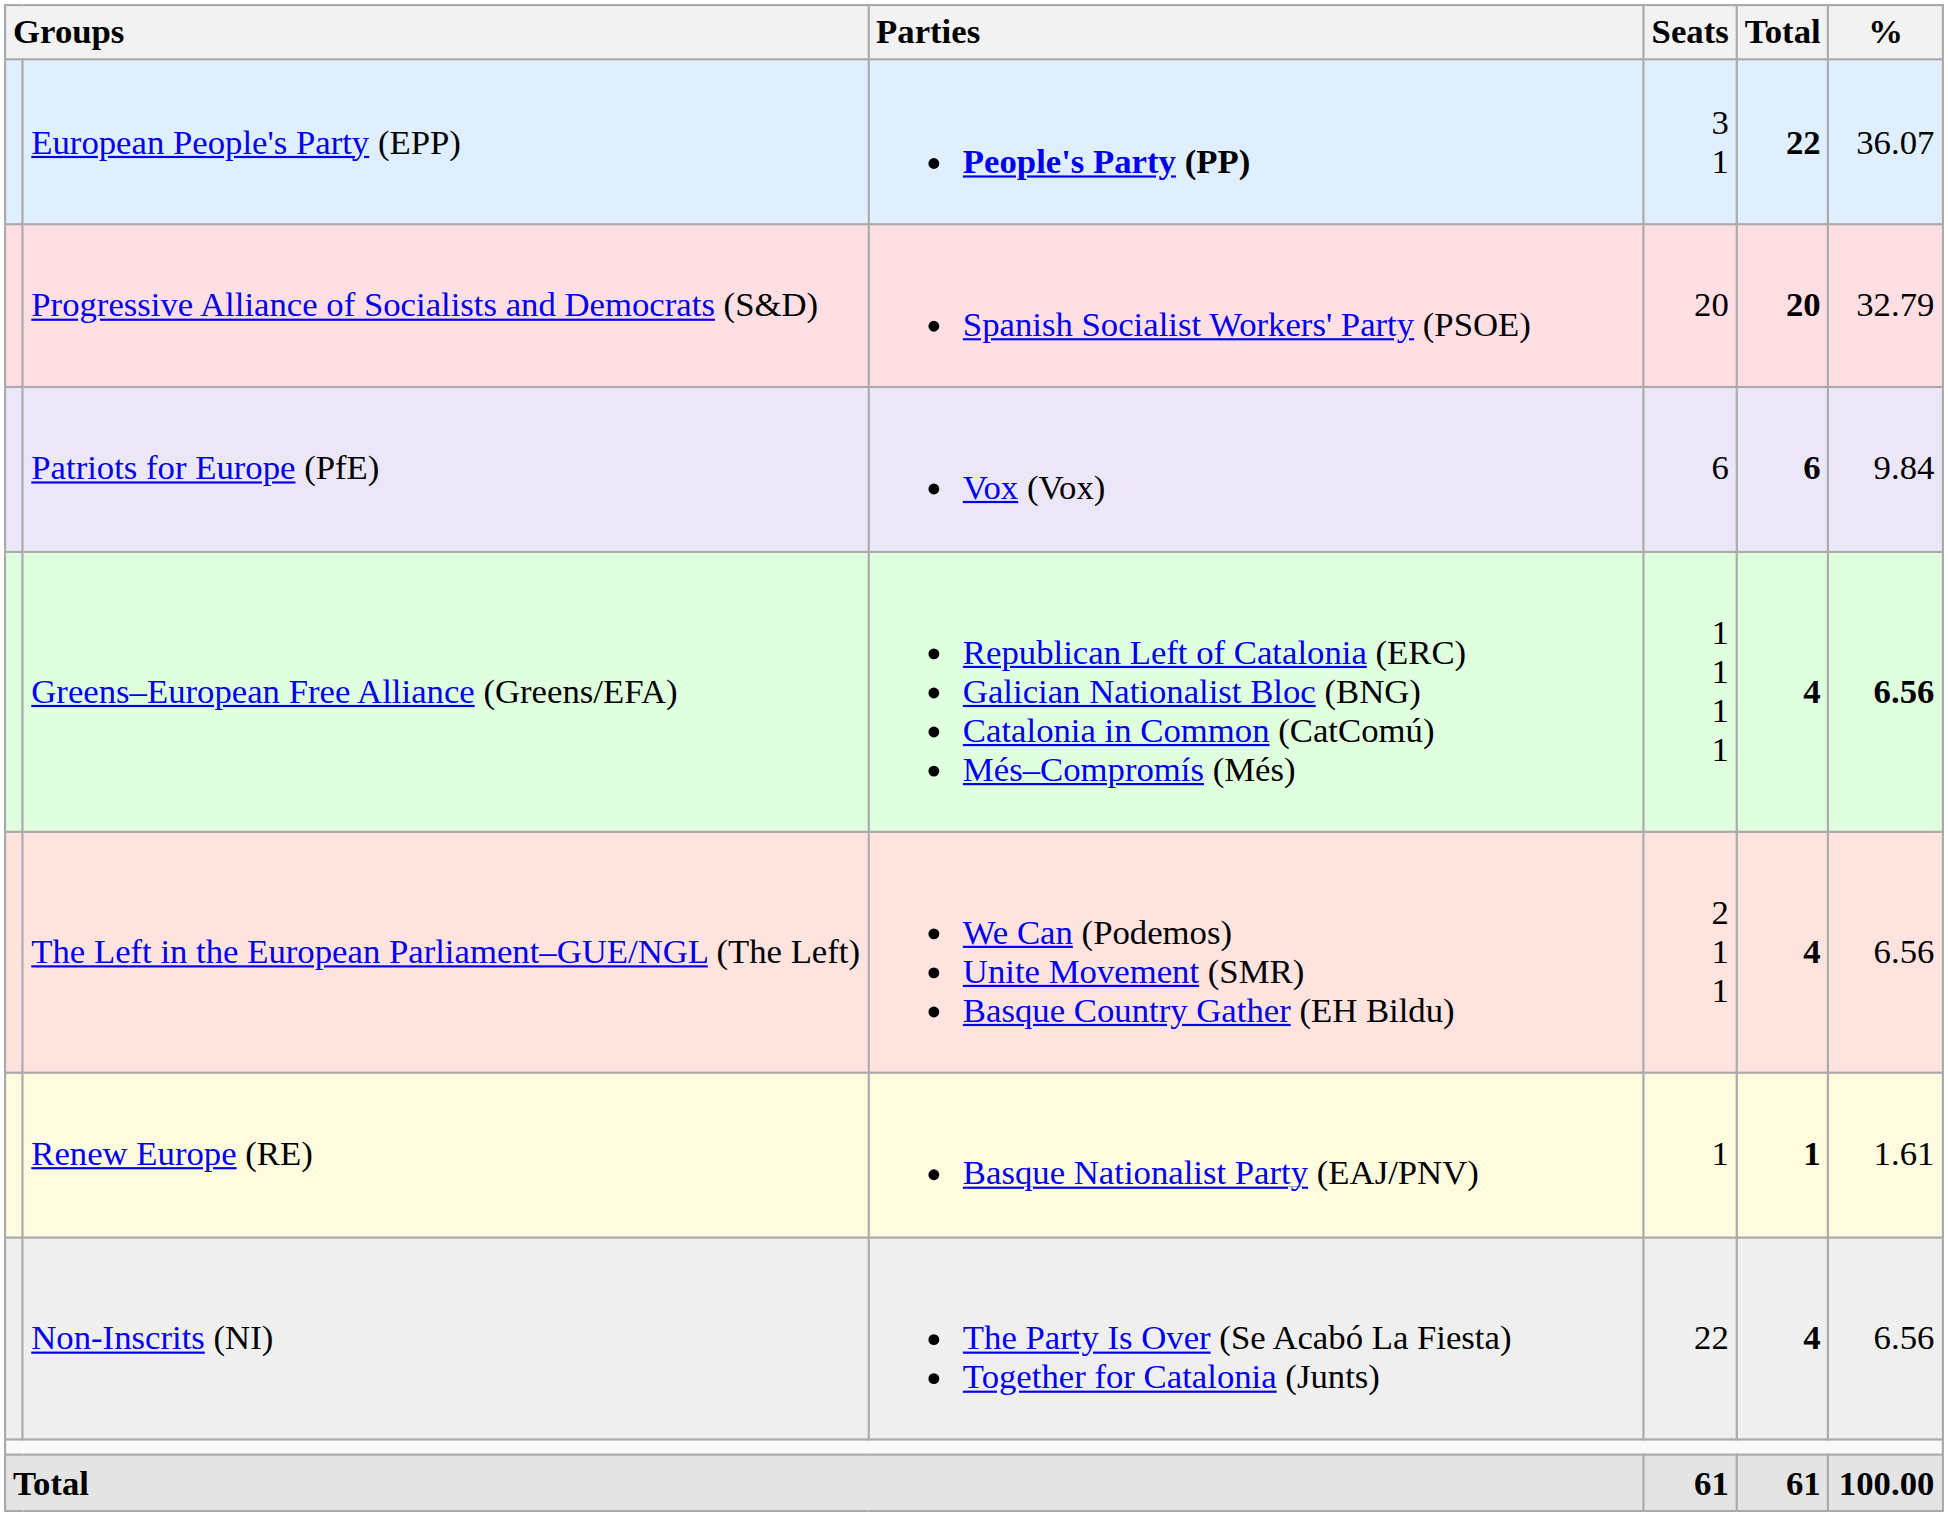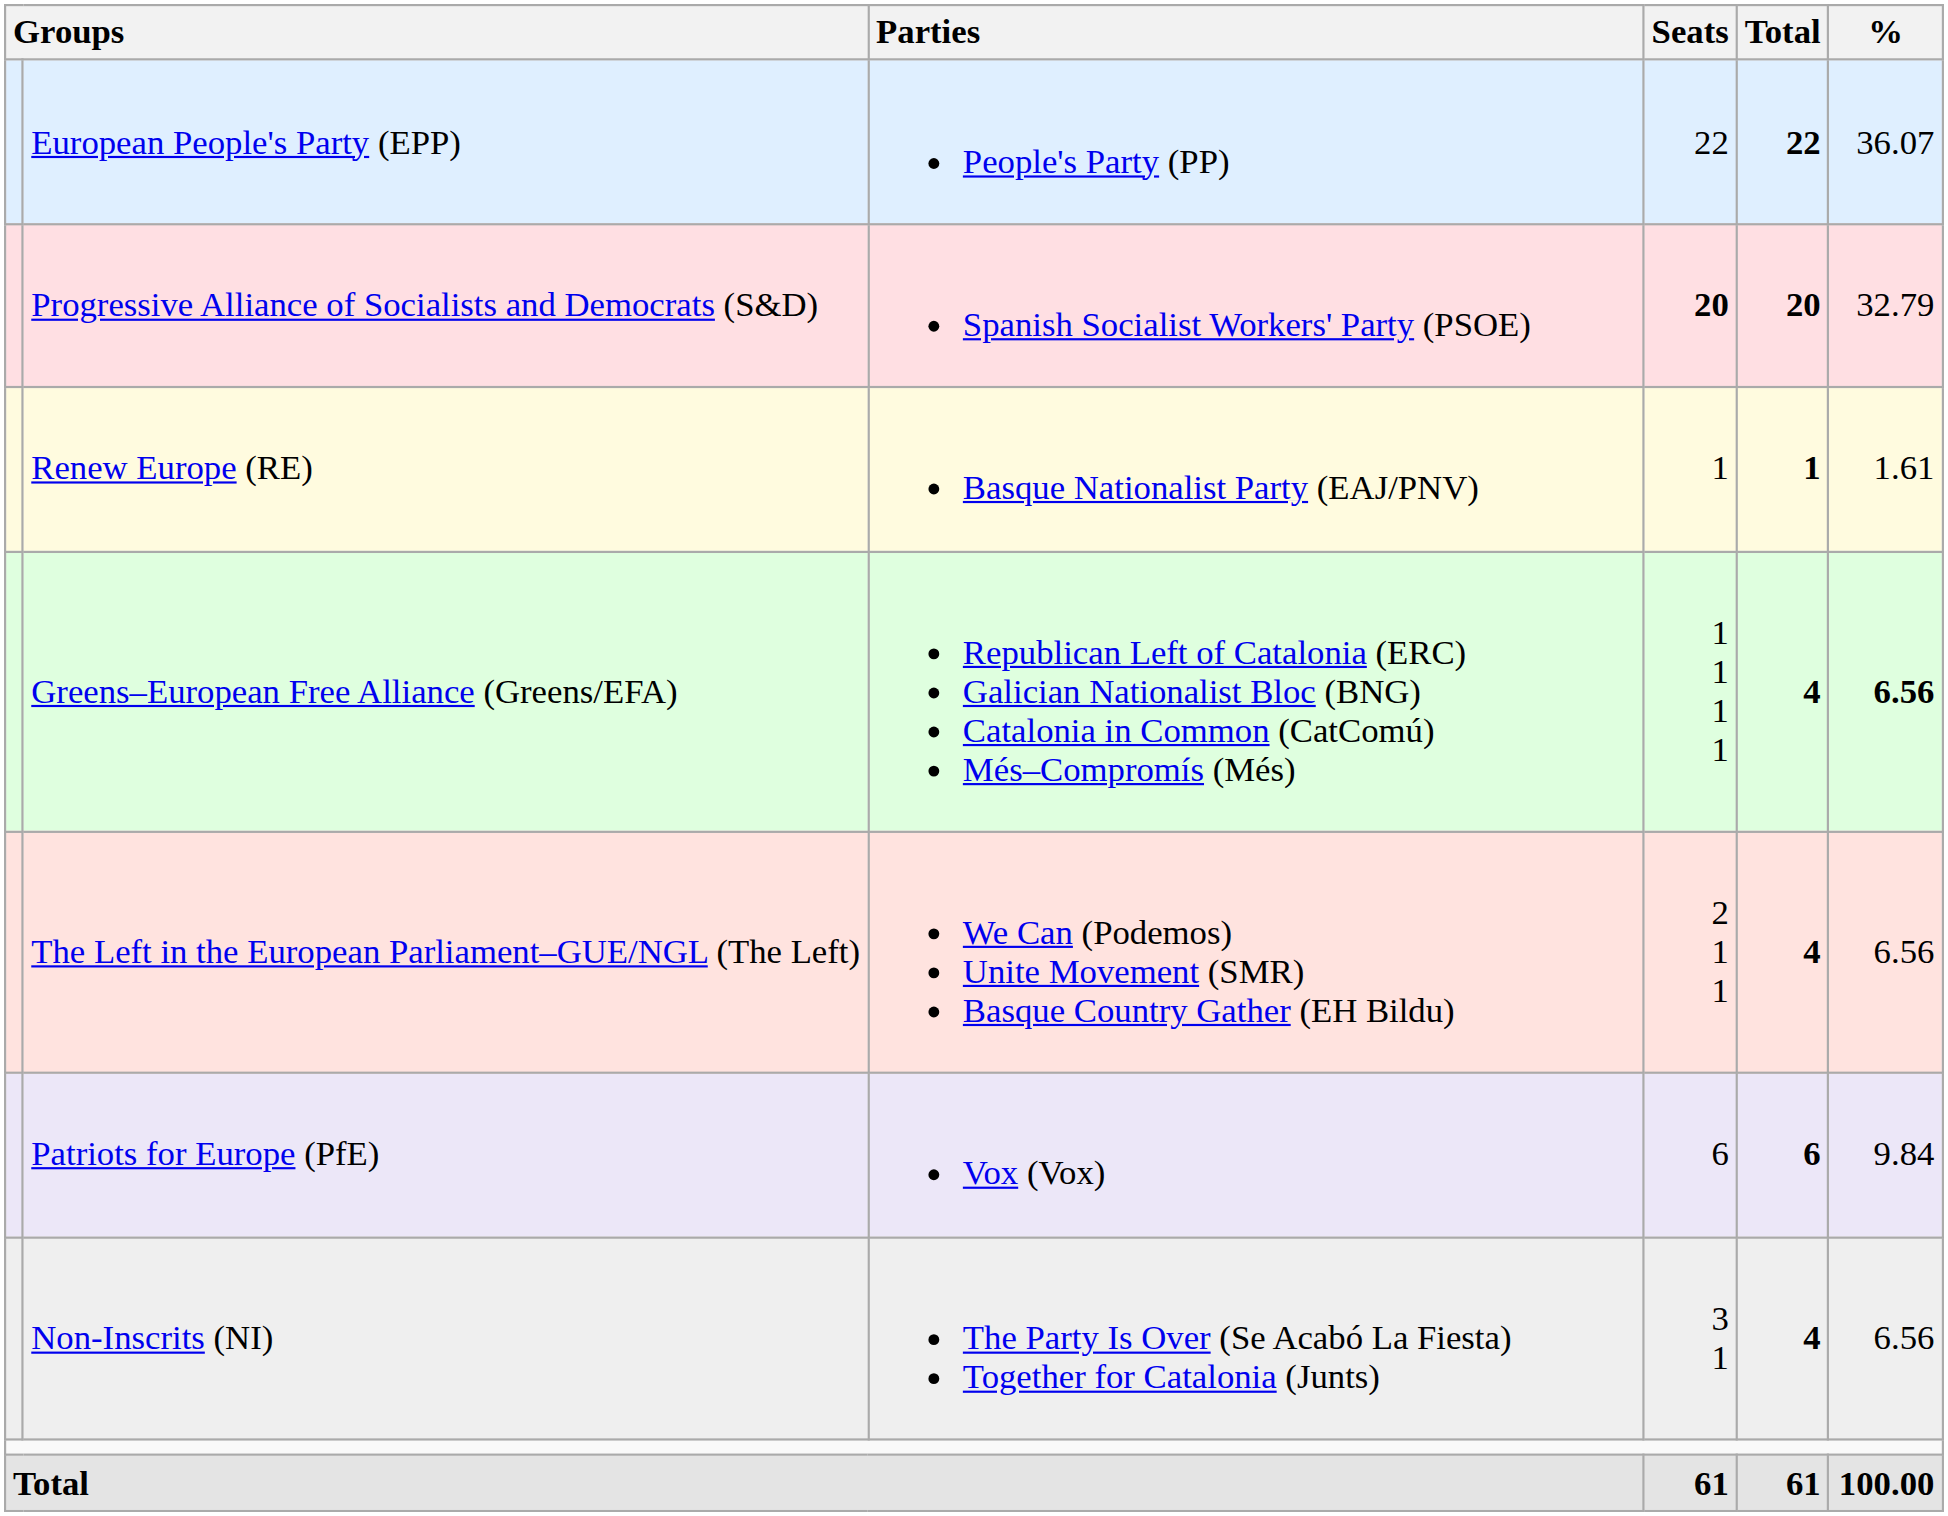 <table class="wikitable" style="text-align:right;">
 <tr>
 <th style="text-align:left;" colspan="2" width="375">Groups</th>
 <th style="text-align:left;" width="350">Parties</th>
 <th width="35">Seats</th>
 <th width="35">Total</th>
 <th width="45">%</th>
 </tr>
 <tr style="background:#DFEFFF;">
 <td width="1" style="color:inherit;background:"></td>
 <td align="left"><a href='#'>European People's Party</a> (EPP)</td>
-<td align="left"><strong><br><ul><li><a href='#'>People's Party</a> (PP)</li></ul></strong></td>
-<td>3<br>1</td>
+<td align="left"><br><ul><li><a href='#'>People's Party</a> (PP)</li></ul></td>
+<td>22</td>
 <td><strong>22</strong></td>
 <td>36.07</td>
 </tr>
 <tr style="background:#FFDFE3;">
 <td style="color:inherit;background:"></td>
 <td align="left"><a href='#'>Progressive Alliance of Socialists and Democrats</a> (S&D)</td>
 <td align="left"><br><ul><li><a href='#'>Spanish Socialist Workers' Party</a> (PSOE)</li></ul></td>
-<td>20</td>
+<td><strong>20</strong></td>
 <td><strong>20</strong></td>
 <td>32.79</td>
 </tr>
-<tr style="background:#ECE7F8;">
+<tr style="background:#FFFBDF;">
 <td style="color:inherit;background:"></td>
-<td align="left"><a href='#'>Patriots for Europe</a> (PfE)</td>
-<td align="left"><br><ul><li><a href='#'>Vox</a> (Vox)</li></ul></td>
-<td>6</td>
-<td><strong>6</strong></td>
-<td>9.84</td>
+<td align="left"><a href='#'>Renew Europe</a> (RE)</td>
+<td align="left"><br><ul><li><a href='#'>Basque Nationalist Party</a> (EAJ/PNV)</li></ul></td>
+<td>1</td>
+<td><strong>1</strong></td>
+<td>1.61</td>
 </tr>
 <tr style="background:#DFFFDF;">
 <td style="color:inherit;background:"></td>
 <td align="left"><a href='#'>Greens–European Free Alliance</a> (Greens/EFA)</td>
 <td align="left"><br><ul><li><a href='#'>Republican Left of Catalonia</a> (ERC)</li><li><a href='#'>Galician Nationalist Bloc</a> (BNG)</li><li><a href='#'>Catalonia in Common</a> (CatComú)</li><li><a href='#'>Més–Compromís</a> (Més)</li></ul></td>
 <td>1<br>1<br>1<br>1</td>
 <td><strong>4</strong></td>
 <td><strong>6.56</strong></td>
 </tr>
 <tr style="background:#FFE3DF;">
 <td style="color:inherit;background:"></td>
 <td align="left"><a href='#'>The Left in the European Parliament–GUE/NGL</a> (The Left)</td>
 <td align="left"><br><ul><li><a href='#'>We Can</a> (Podemos)</li><li><a href='#'>Unite Movement</a> (SMR)</li><li><a href='#'>Basque Country Gather</a> (EH Bildu)</li></ul></td>
 <td>2<br>1<br>1</td>
 <td><strong>4</strong></td>
 <td>6.56</td>
 </tr>
-<tr style="background:#FFFBDF;">
+<tr style="background:#ECE7F8;">
 <td style="color:inherit;background:"></td>
-<td align="left"><a href='#'>Renew Europe</a> (RE)</td>
-<td align="left"><br><ul><li><a href='#'>Basque Nationalist Party</a> (EAJ/PNV)</li></ul></td>
-<td>1</td>
-<td><strong>1</strong></td>
-<td>1.61</td>
+<td align="left"><a href='#'>Patriots for Europe</a> (PfE)</td>
+<td align="left"><br><ul><li><a href='#'>Vox</a> (Vox)</li></ul></td>
+<td>6</td>
+<td><strong>6</strong></td>
+<td>9.84</td>
 </tr>
 <tr style="background:#EFEFEF;">
 <td style="color:inherit;background:"></td>
 <td align="left"><a href='#'>Non-Inscrits</a> (NI)</td>
 <td align="left"><br><ul><li><a href='#'>The Party Is Over</a> (Se Acabó La Fiesta)</li><li><a href='#'>Together for Catalonia</a> (Junts)</li></ul></td>
-<td>22</td>
+<td>3<br>1</td>
 <td><strong>4</strong></td>
 <td>6.56</td>
 </tr>
 <tr>
 <td colspan="6"></td>
 </tr>
 <tr style="background:#E4E4E4; font-weight:bold;">
 <td align="left" colspan="3">Total</td>
 <td>61</td>
 <td>61</td>
 <td>100.00</td>
 </tr>
 </table>
